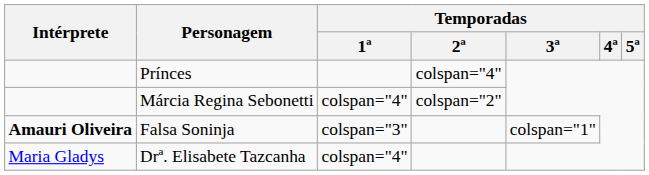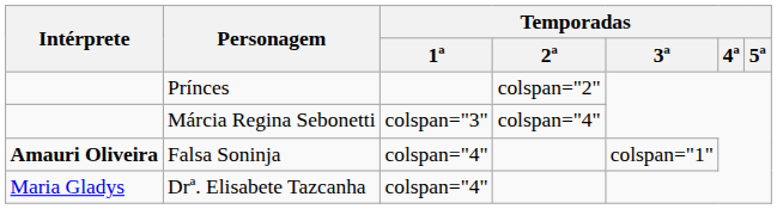 <table class="wikitable">
 <tr>
 <th rowspan="2">Intérprete</th>
 <th rowspan="2">Personagem</th>
 <th colspan="5">Temporadas</th>
 </tr>
 <tr>
 <th>1ª<br></th>
 <th>2ª<br></th>
 <th>3ª<br></th>
 <th>4ª<br></th>
 <th>5ª<br></th>
 </tr>
 <tr>
 <td></td>
 <td>Prínces</td>
 <td></td>
-<td>colspan="4" </td>
+<td>colspan="2" </td>
 </tr>
 <tr>
 <td></td>
 <td>Márcia Regina Sebonetti</td>
+<td>colspan="3" </td>
 <td>colspan="4" </td>
-<td>colspan="2" </td>
 </tr>
 <tr>
 <td><strong>Amauri Oliveira</strong></td>
 <td>Falsa Soninja</td>
-<td>colspan="3" </td>
+<td>colspan="4" </td>
 <td></td>
 <td>colspan="1" </td>
 </tr>
 <tr>
 <td><a href='#'>Maria Gladys</a></td>
 <td>Drª. Elisabete Tazcanha</td>
 <td>colspan="4" </td>
 <td></td>
 </tr>
 </table>
